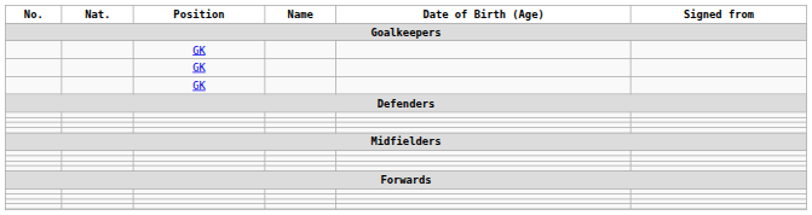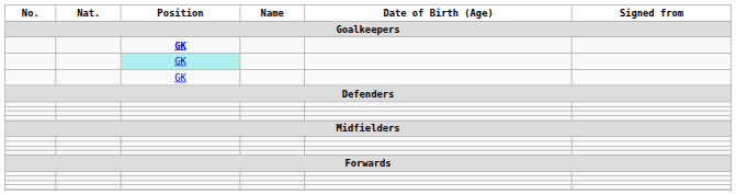 <table class="wikitable" style="text-align:center; font-size:90%; width:100%">
 <tr>
 <th style="background:white; color:black; text-align:center;">No.</th>
 <th style="background:white; color:black; text-align:center;">Nat.</th>
 <th style="background:white; color:black; text-align:center;">Position</th>
 <th style="background:white; color:black; text-align:center;">Name</th>
 <th style="background:white; color:black; text-align:center;">Date of Birth (Age)</th>
 <th style="background:white; color:black; text-align:center;">Signed from</th>
 </tr>
 <tr>
 <th colspan=10 style="background:#DCDCDC; text-align:center;">Goalkeepers</th>
 </tr>
 <tr>
 <td></td>
 <td></td>
-<td><a href='#'>GK</a></td>
+<td><strong><a href='#'>GK</a></strong></td>
 <td></td>
 <td></td>
 <td style="text-align:left"> <a href='#'></a></td>
 </tr>
 <tr>
 <td></td>
 <td></td>
-<td><a href='#'>GK</a></td>
+<td style="background: paleturquoise;"><a href='#'>GK</a></td>
 <td></td>
 <td></td>
 <td style="text-align:left"> <a href='#'></a></td>
 </tr>
 <tr>
 <td></td>
 <td></td>
 <td><a href='#'>GK</a></td>
 <td></td>
 <td></td>
 <td style="text-align:left"> <a href='#'></a></td>
 </tr>
 <tr>
 <th colspan=10 style="background:#DCDCDC; text-align:center;">Defenders</th>
 </tr>
 <tr>
 <td></td>
 <td></td>
 <td></td>
 <td></td>
 <td></td>
 <td style="text-align:left"> <a href='#'></a></td>
 </tr>
 <tr>
 <td></td>
 <td></td>
 <td></td>
 <td></td>
 <td></td>
 <td style="text-align:left"> <a href='#'></a></td>
 </tr>
 <tr>
 <td></td>
 <td></td>
 <td></td>
 <td></td>
 <td></td>
 <td style="text-align:left"> <a href='#'></a></td>
 </tr>
 <tr>
 <td></td>
 <td></td>
 <td></td>
 <td></td>
 <td></td>
 <td style="text-align:left"> <a href='#'></a></td>
 </tr>
 <tr>
 <th colspan=10 style="background:#DCDCDC; text-align:center;">Midfielders</th>
 </tr>
 <tr>
 <td></td>
 <td></td>
 <td></td>
 <td></td>
 <td></td>
 <td style="text-align:left"> <a href='#'></a></td>
 </tr>
 <tr>
 <td></td>
 <td></td>
 <td></td>
 <td></td>
 <td></td>
 <td style="text-align:left"> <a href='#'></a></td>
 </tr>
 <tr>
 <td></td>
 <td></td>
 <td></td>
 <td></td>
 <td></td>
 <td style="text-align:left"> <a href='#'></a></td>
 </tr>
 <tr>
 <td></td>
 <td></td>
 <td></td>
 <td></td>
 <td></td>
 <td style="text-align:left"> <a href='#'></a></td>
 </tr>
 <tr>
 <th colspan=10 style="background:#DCDCDC; text-align:center;">Forwards</th>
 </tr>
 <tr>
 <td></td>
 <td></td>
 <td></td>
 <td></td>
 <td></td>
 <td style="text-align:left"> <a href='#'></a></td>
 </tr>
 <tr>
 <td></td>
 <td></td>
 <td></td>
 <td></td>
 <td></td>
 <td style="text-align:left"> <a href='#'></a></td>
 </tr>
 <tr>
 <td></td>
 <td></td>
 <td></td>
 <td></td>
 <td></td>
 <td style="text-align:left"> <a href='#'></a></td>
 </tr>
 <tr>
 <td></td>
 <td></td>
 <td></td>
 <td></td>
 <td></td>
 <td style="text-align:left"> <a href='#'></a></td>
 </tr>
 <tr>
 </tr>
 </table>
